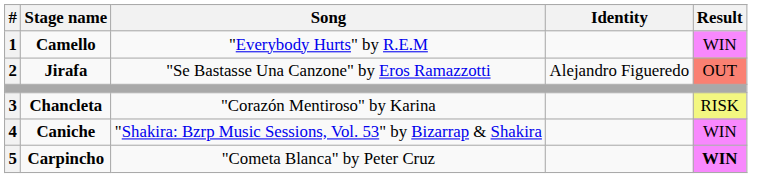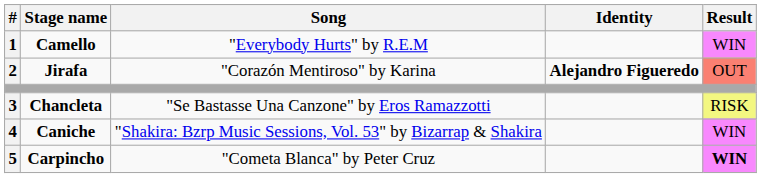 <table class="wikitable plainrowheaders" style="text-align: center;">
 <tr>
 <th>#</th>
 <th>Stage name</th>
 <th>Song</th>
 <th>Identity</th>
 <th>Result</th>
 </tr>
 <tr>
 <th><strong>1</strong></th>
 <td><strong>Camello</strong></td>
 <td>"<a href='#'>Everybody Hurts</a>" by <a href='#'>R.E.M</a></td>
 <td></td>
 <td bgcolor=#F888FD>WIN</td>
 </tr>
 <tr>
 <th><strong>2</strong></th>
 <td><strong>Jirafa</strong></td>
-<td>"Se Bastasse Una Canzone" by <a href='#'>Eros Ramazzotti</a></td>
-<td>Alejandro Figueredo</td>
+<td>"Corazón Mentiroso" by Karina</td>
+<td><strong>Alejandro Figueredo</strong></td>
 <td bgcolor=salmon>OUT</td>
 </tr>
 <tr>
 <td colspan="5" style="background:darkgray"></td>
 </tr>
 <tr>
 <th><strong>3</strong></th>
 <td><strong>Chancleta</strong></td>
-<td>"Corazón Mentiroso" by Karina</td>
+<td>"Se Bastasse Una Canzone" by <a href='#'>Eros Ramazzotti</a></td>
 <td></td>
 <td bgcolor="#F3F781">RISK</td>
 </tr>
 <tr>
 <th><strong>4</strong></th>
 <td><strong>Caniche</strong></td>
 <td>"<a href='#'>Shakira: Bzrp Music Sessions, Vol. 53</a>" by <a href='#'>Bizarrap</a> & <a href='#'>Shakira</a></td>
 <td></td>
 <td bgcolor=#F888FD>WIN</td>
 </tr>
 <tr>
 <th><strong>5</strong></th>
 <td><strong>Carpincho</strong></td>
 <td>"Cometa Blanca" by Peter Cruz</td>
 <td></td>
 <td bgcolor=#F888FD><strong>WIN</strong></td>
 </tr>
 </table>
